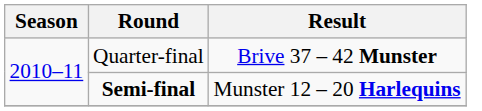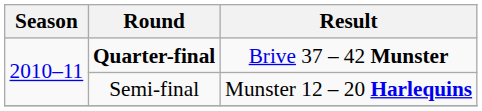 <table class="wikitable collapsible collapsed" style="text-align:center;">
 <tr>
 <th>Season</th>
 <th>Round</th>
 <th>Result</th>
 </tr>
 <tr>
 <td rowspan="2"><a href='#'>2010–11</a></td>
-<td>Quarter-final</td>
+<td><strong>Quarter-final</strong></td>
 <td colspan="7"><a href='#'>Brive</a> 37 – 42 <strong>Munster</strong></td>
 </tr>
 <tr>
-<td><strong>Semi-final</strong></td>
+<td>Semi-final</td>
 <td colspan="7">Munster 12 – 20 <strong><a href='#'>Harlequins</a></strong></td>
 </tr>
 <tr>
 </tr>
 </table>
